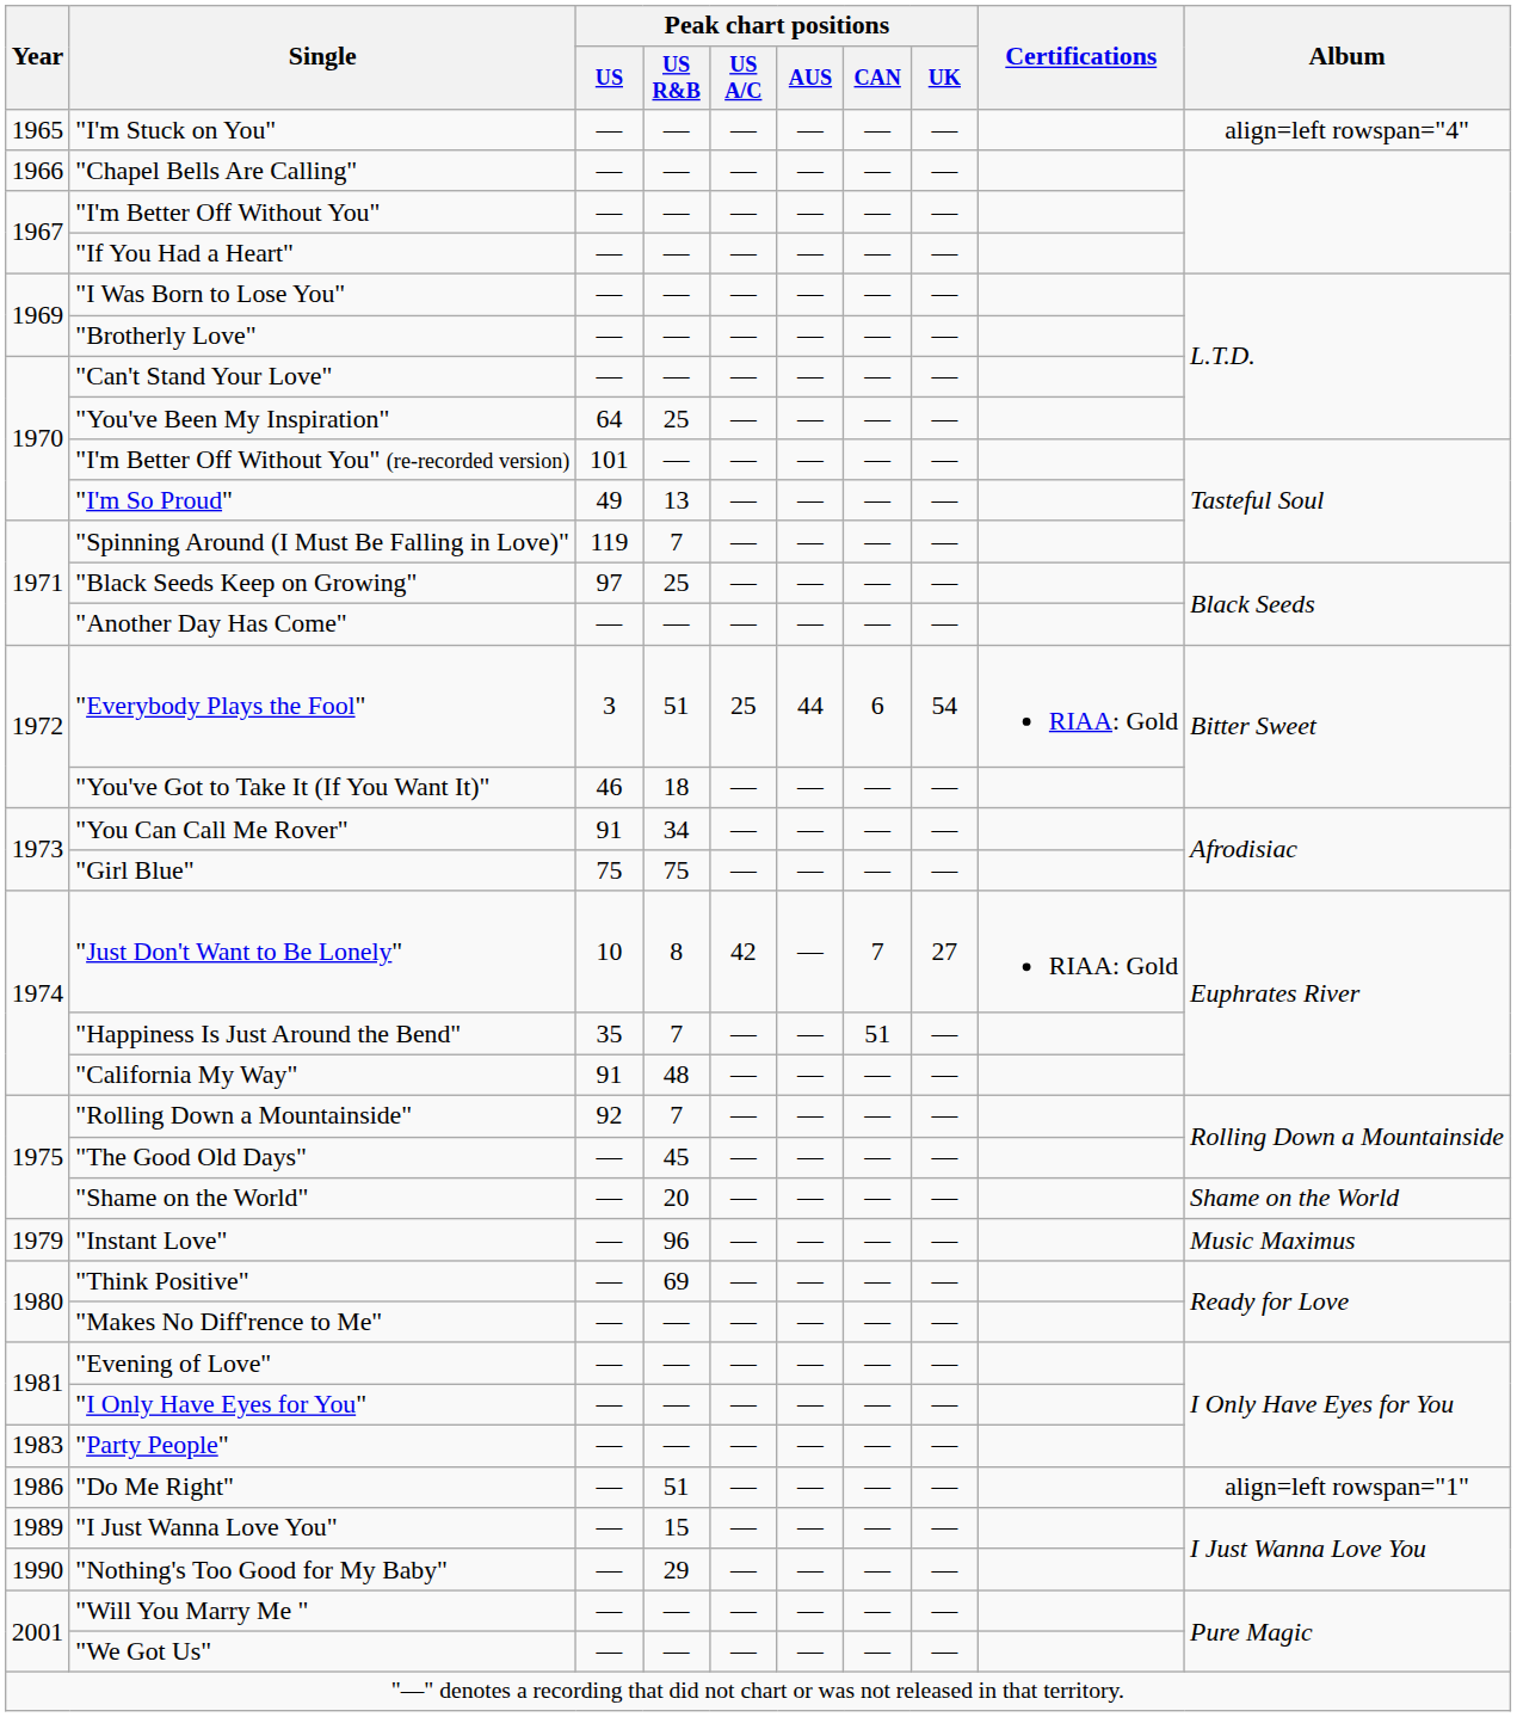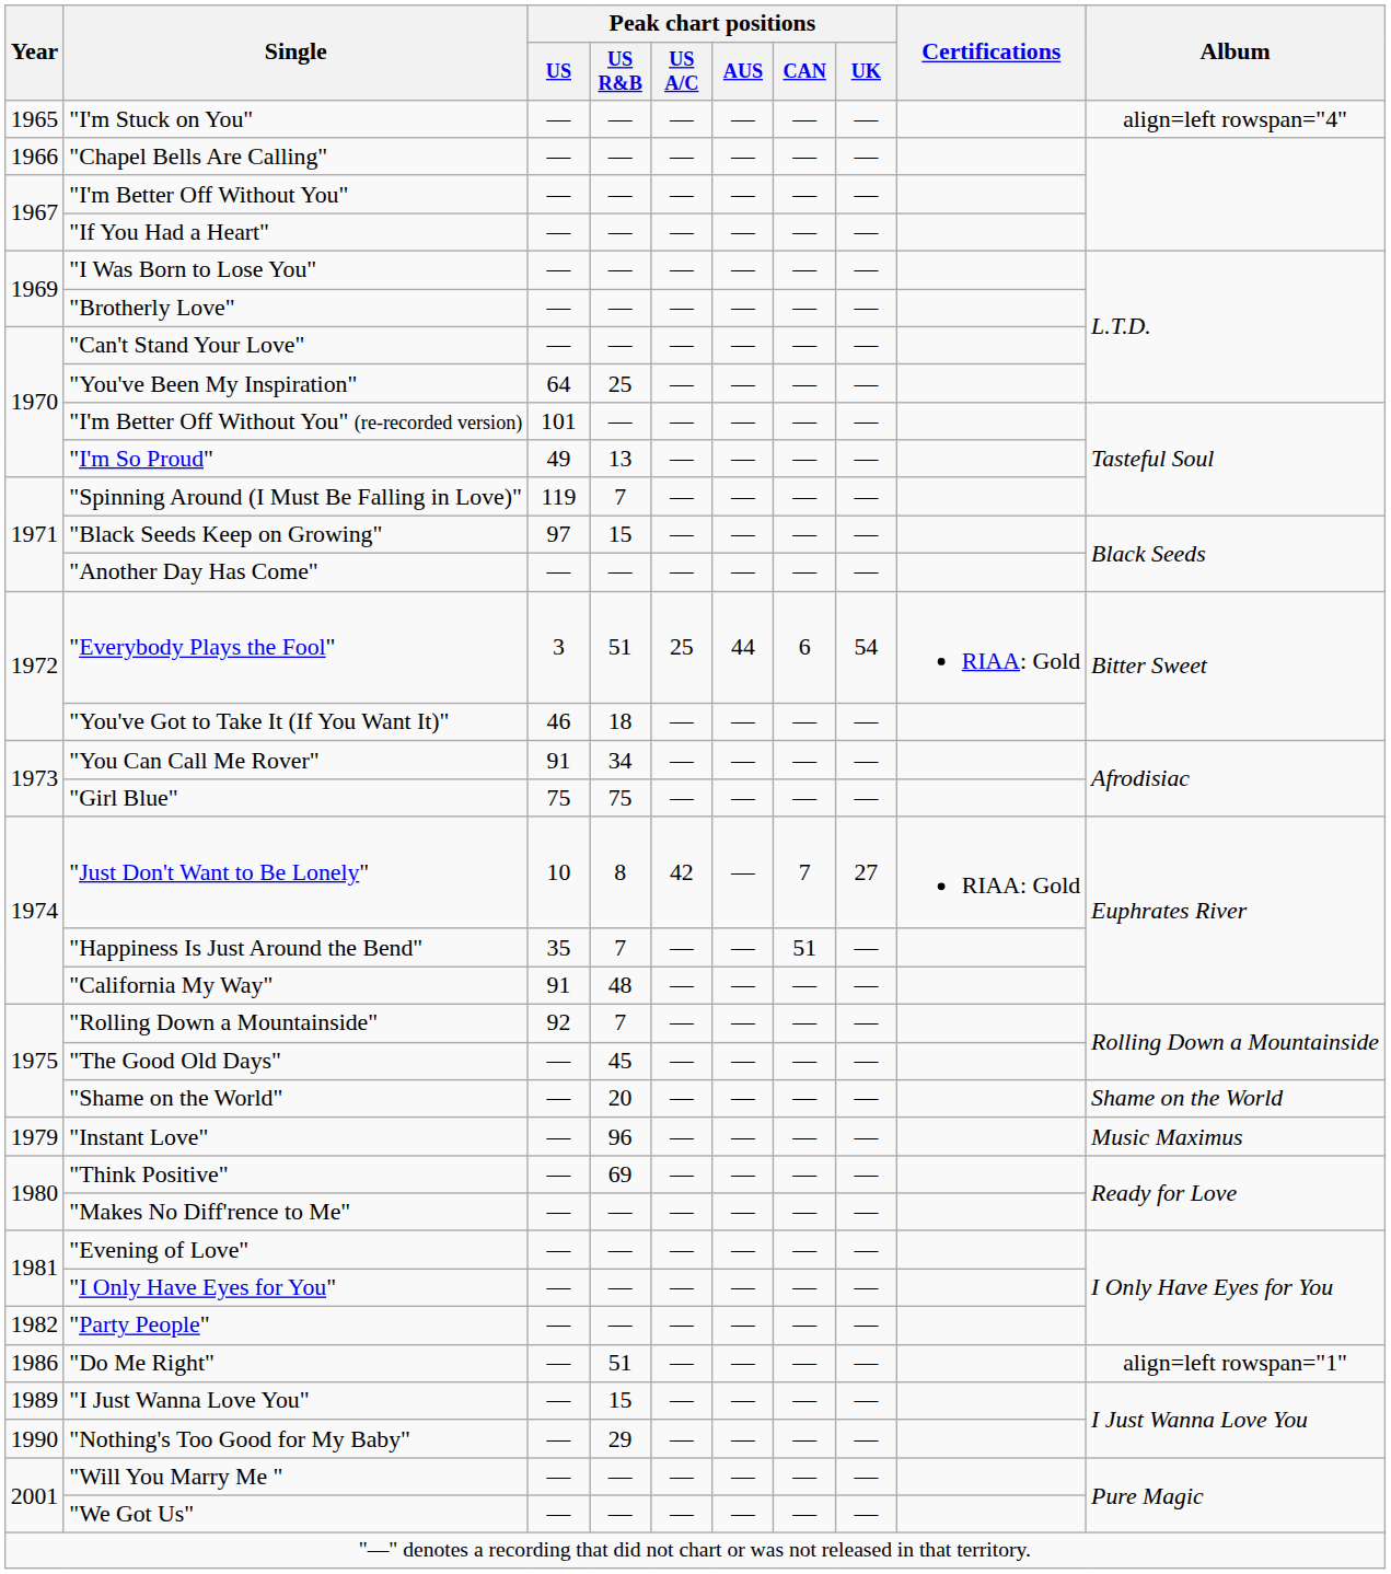 <table class="wikitable" style="text-align:center;">
 <tr>
 <th rowspan="2">Year</th>
 <th rowspan="2">Single</th>
 <th colspan="6">Peak chart positions</th>
 <th rowspan="2"><a href='#'>Certifications</a></th>
 <th rowspan="2">Album</th>
 </tr>
 <tr style="font-size:smaller;">
 <th width="35"><a href='#'>US</a><br></th>
 <th width="35"><a href='#'>US<br>R&B</a><br></th>
 <th width="35"><a href='#'>US<br>A/C</a><br></th>
 <th width="35"><a href='#'>AUS</a><br></th>
 <th width="35"><a href='#'>CAN</a><br></th>
 <th width="35"><a href='#'>UK</a><br></th>
 </tr>
 <tr>
 <td rowspan="1">1965</td>
 <td align="left">"I'm Stuck on You" </td>
 <td>—</td>
 <td>—</td>
 <td>—</td>
 <td>—</td>
 <td>—</td>
 <td>—</td>
 <td></td>
 <td>align=left rowspan="4" </td>
 </tr>
 <tr>
 <td rowspan="1">1966</td>
 <td align="left">"Chapel Bells Are Calling" </td>
 <td>—</td>
 <td>—</td>
 <td>—</td>
 <td>—</td>
 <td>—</td>
 <td>—</td>
 <td></td>
 </tr>
 <tr>
 <td rowspan="2">1967</td>
 <td align="left">"I'm Better Off Without You" </td>
 <td>—</td>
 <td>—</td>
 <td>—</td>
 <td>—</td>
 <td>—</td>
 <td>—</td>
 <td></td>
 </tr>
 <tr>
 <td align="left">"If You Had a Heart" </td>
 <td>—</td>
 <td>—</td>
 <td>—</td>
 <td>—</td>
 <td>—</td>
 <td>—</td>
 <td></td>
 </tr>
 <tr>
 <td rowspan="2">1969</td>
 <td align="left">"I Was Born to Lose You"</td>
 <td>—</td>
 <td>—</td>
 <td>—</td>
 <td>—</td>
 <td>—</td>
 <td>—</td>
 <td></td>
 <td rowspan="4" align="left"><em>L.T.D.</em></td>
 </tr>
 <tr>
 <td align="left">"Brotherly Love"</td>
 <td>—</td>
 <td>—</td>
 <td>—</td>
 <td>—</td>
 <td>—</td>
 <td>—</td>
 <td></td>
 </tr>
 <tr>
 <td rowspan="4">1970</td>
 <td align="left">"Can't Stand Your Love"</td>
 <td>—</td>
 <td>—</td>
 <td>—</td>
 <td>—</td>
 <td>—</td>
 <td>—</td>
 <td></td>
 </tr>
 <tr>
 <td align="left">"You've Been My Inspiration"</td>
 <td>64</td>
 <td>25</td>
 <td>—</td>
 <td>—</td>
 <td>—</td>
 <td>—</td>
 <td></td>
 </tr>
 <tr>
 <td align="left">"I'm Better Off Without You" <small>(re-recorded version)</small></td>
 <td>101</td>
 <td>—</td>
 <td>—</td>
 <td>—</td>
 <td>—</td>
 <td>—</td>
 <td></td>
 <td rowspan="3" align="left"><em>Tasteful Soul</em></td>
 </tr>
 <tr>
 <td align="left">"<a href='#'>I'm So Proud</a>"</td>
 <td>49</td>
 <td>13</td>
 <td>—</td>
 <td>—</td>
 <td>—</td>
 <td>—</td>
 <td></td>
 </tr>
 <tr>
 <td rowspan="3">1971</td>
 <td align="left">"Spinning Around (I Must Be Falling in Love)"</td>
 <td>119</td>
 <td>7</td>
 <td>—</td>
 <td>—</td>
 <td>—</td>
 <td>—</td>
 <td></td>
 </tr>
 <tr>
 <td align="left">"Black Seeds Keep on Growing"</td>
 <td>97</td>
-<td>25</td>
+<td>15</td>
 <td>—</td>
 <td>—</td>
 <td>—</td>
 <td>—</td>
 <td></td>
 <td rowspan="2" align="left"><em>Black Seeds</em></td>
 </tr>
 <tr>
 <td align="left">"Another Day Has Come"</td>
 <td>—</td>
 <td>—</td>
 <td>—</td>
 <td>—</td>
 <td>—</td>
 <td>—</td>
 <td></td>
 </tr>
 <tr>
 <td rowspan="2">1972</td>
 <td align="left">"<a href='#'>Everybody Plays the Fool</a>"</td>
 <td>3</td>
 <td>51</td>
 <td>25</td>
 <td>44</td>
 <td>6</td>
 <td>54</td>
 <td><br><ul><li><a href='#'>RIAA</a>: Gold</li></ul></td>
 <td rowspan="2" align="left"><em>Bitter Sweet</em></td>
 </tr>
 <tr>
 <td align="left">"You've Got to Take It (If You Want It)"</td>
 <td>46</td>
 <td>18</td>
 <td>—</td>
 <td>—</td>
 <td>—</td>
 <td>—</td>
 <td></td>
 </tr>
 <tr>
 <td rowspan="2">1973</td>
 <td align="left">"You Can Call Me Rover"</td>
 <td>91</td>
 <td>34</td>
 <td>—</td>
 <td>—</td>
 <td>—</td>
 <td>—</td>
 <td></td>
 <td rowspan="2" align="left"><em>Afrodisiac</em></td>
 </tr>
 <tr>
 <td align="left">"Girl Blue"</td>
 <td>75</td>
 <td>75</td>
 <td>—</td>
 <td>—</td>
 <td>—</td>
 <td>—</td>
 <td></td>
 </tr>
 <tr>
 <td rowspan="3">1974</td>
 <td align="left">"<a href='#'>Just Don't Want to Be Lonely</a>"</td>
 <td>10</td>
 <td>8</td>
 <td>42</td>
 <td>—</td>
 <td>7</td>
 <td>27</td>
 <td><br><ul><li>RIAA: Gold</li></ul></td>
 <td rowspan="3" align="left"><em>Euphrates River</em></td>
 </tr>
 <tr>
 <td align="left">"Happiness Is Just Around the Bend"</td>
 <td>35</td>
 <td>7</td>
 <td>—</td>
 <td>—</td>
 <td>51</td>
 <td>—</td>
 <td></td>
 </tr>
 <tr>
 <td align="left">"California My Way"</td>
 <td>91</td>
 <td>48</td>
 <td>—</td>
 <td>—</td>
 <td>—</td>
 <td>—</td>
 <td></td>
 </tr>
 <tr>
 <td rowspan="3">1975</td>
 <td align="left">"Rolling Down a Mountainside"</td>
 <td>92</td>
 <td>7</td>
 <td>—</td>
 <td>—</td>
 <td>—</td>
 <td>—</td>
 <td></td>
 <td rowspan="2" align="left"><em>Rolling Down a Mountainside</em></td>
 </tr>
 <tr>
 <td align="left">"The Good Old Days"</td>
 <td>—</td>
 <td>45</td>
 <td>—</td>
 <td>—</td>
 <td>—</td>
 <td>—</td>
 <td></td>
 </tr>
 <tr>
 <td align="left">"Shame on the World"</td>
 <td>—</td>
 <td>20</td>
 <td>—</td>
 <td>—</td>
 <td>—</td>
 <td>—</td>
 <td></td>
 <td rowspan="1" align="left"><em>Shame on the World</em></td>
 </tr>
 <tr>
 <td rowspan="1">1979</td>
 <td align="left">"Instant Love"</td>
 <td>—</td>
 <td>96</td>
 <td>—</td>
 <td>—</td>
 <td>—</td>
 <td>—</td>
 <td></td>
 <td rowspan="1" align="left"><em>Music Maximus</em></td>
 </tr>
 <tr>
 <td rowspan="2">1980</td>
 <td align="left">"Think Positive"</td>
 <td>—</td>
 <td>69</td>
 <td>—</td>
 <td>—</td>
 <td>—</td>
 <td>—</td>
 <td></td>
 <td rowspan="2" align="left"><em>Ready for Love</em></td>
 </tr>
 <tr>
 <td align="left">"Makes No Diff'rence to Me"</td>
 <td>—</td>
 <td>—</td>
 <td>—</td>
 <td>—</td>
 <td>—</td>
 <td>—</td>
 <td></td>
 </tr>
 <tr>
 <td rowspan="2">1981</td>
 <td align="left">"Evening of Love"</td>
 <td>—</td>
 <td>—</td>
 <td>—</td>
 <td>—</td>
 <td>—</td>
 <td>—</td>
 <td></td>
 <td rowspan="3" align="left"><em>I Only Have Eyes for You</em></td>
 </tr>
 <tr>
 <td align="left">"<a href='#'>I Only Have Eyes for You</a>"</td>
 <td>—</td>
 <td>—</td>
 <td>—</td>
 <td>—</td>
 <td>—</td>
 <td>—</td>
 <td></td>
 </tr>
 <tr>
-<td rowspan="1">1983</td>
+<td rowspan="1">1982</td>
 <td align="left">"<a href='#'>Party People</a>"</td>
 <td>—</td>
 <td>—</td>
 <td>—</td>
 <td>—</td>
 <td>—</td>
 <td>—</td>
 <td></td>
 </tr>
 <tr>
 <td rowspan="1">1986</td>
 <td align="left">"Do Me Right"</td>
 <td>—</td>
 <td>51</td>
 <td>—</td>
 <td>—</td>
 <td>—</td>
 <td>—</td>
 <td></td>
 <td>align=left rowspan="1" </td>
 </tr>
 <tr>
 <td rowspan="1">1989</td>
 <td align="left">"I Just Wanna Love You"</td>
 <td>—</td>
 <td>15</td>
 <td>—</td>
 <td>—</td>
 <td>—</td>
 <td>—</td>
 <td></td>
 <td rowspan="2" align="left"><em>I Just Wanna Love You</em></td>
 </tr>
 <tr>
 <td rowspan="1">1990</td>
 <td align="left">"Nothing's Too Good for My Baby"</td>
 <td>—</td>
 <td>29</td>
 <td>—</td>
 <td>—</td>
 <td>—</td>
 <td>—</td>
 <td></td>
 </tr>
 <tr>
 <td rowspan="2">2001</td>
 <td align="left">"Will You Marry Me "</td>
 <td>—</td>
 <td>—</td>
 <td>—</td>
 <td>—</td>
 <td>—</td>
 <td>—</td>
 <td></td>
 <td rowspan="2" align="left"><em>Pure Magic</em></td>
 </tr>
 <tr>
 <td align="left">"We Got Us"</td>
 <td>—</td>
 <td>—</td>
 <td>—</td>
 <td>—</td>
 <td>—</td>
 <td>—</td>
 <td></td>
 </tr>
 <tr>
 <td colspan="15" style="font-size:90%">"—" denotes a recording that did not chart or was not released in that territory.</td>
 </tr>
 </table>
